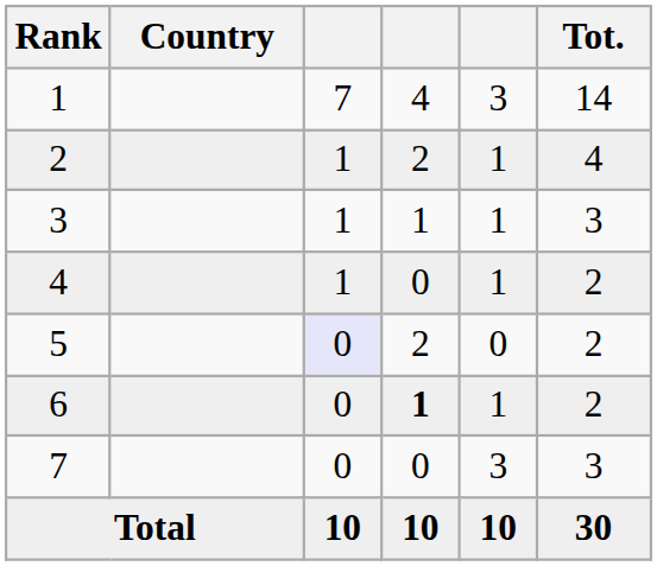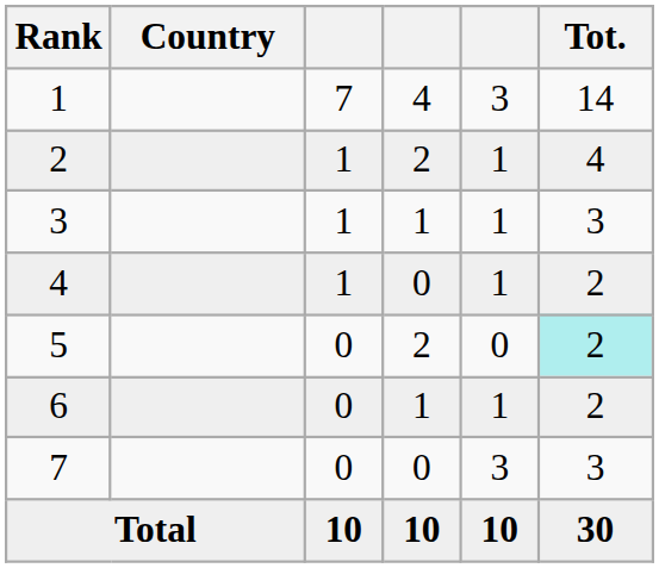 <table class=wikitable width=40% cellspacing="1" cellpadding="3" style="border:1px solid #AAAAAA;font-size:90%; text-align:center">
 <tr bgcolor="#EFEFEF">
 <th width=10%>Rank</th>
 <th width=30%>Country</th>
 <th></th>
 <th></th>
 <th></th>
 <th>Tot.</th>
 </tr>
 <tr>
 <td>1</td>
 <td align=left></td>
 <td>7</td>
 <td>4</td>
 <td>3</td>
 <td>14</td>
 </tr>
 <tr bgcolor="#efefef">
 <td>2</td>
 <td align=left></td>
 <td>1</td>
 <td>2</td>
 <td>1</td>
 <td>4</td>
 </tr>
 <tr>
 <td>3</td>
 <td align=left></td>
 <td>1</td>
 <td>1</td>
 <td>1</td>
 <td>3</td>
 </tr>
 <tr bgcolor="#efefef">
 <td>4</td>
 <td align=left></td>
 <td>1</td>
 <td>0</td>
 <td>1</td>
 <td>2</td>
 </tr>
 <tr>
 <td>5</td>
 <td align=left></td>
-<td style="background: lavender;">0</td>
+<td>0</td>
 <td>2</td>
 <td>0</td>
-<td>2</td>
+<td style="background: paleturquoise;">2</td>
 </tr>
 <tr bgcolor="#efefef">
 <td>6</td>
 <td align=left></td>
 <td>0</td>
-<td><strong>1</strong></td>
+<td>1</td>
 <td>1</td>
 <td>2</td>
 </tr>
 <tr>
 <td>7</td>
 <td align=left></td>
 <td>0</td>
 <td>0</td>
 <td>3</td>
 <td>3</td>
 </tr>
 <tr bgcolor="#efefef">
 <td colspan=2><strong>Total</strong></td>
 <td><strong>10</strong></td>
 <td><strong>10</strong></td>
 <td><strong>10</strong></td>
 <td><strong>30</strong></td>
 </tr>
 </table>
